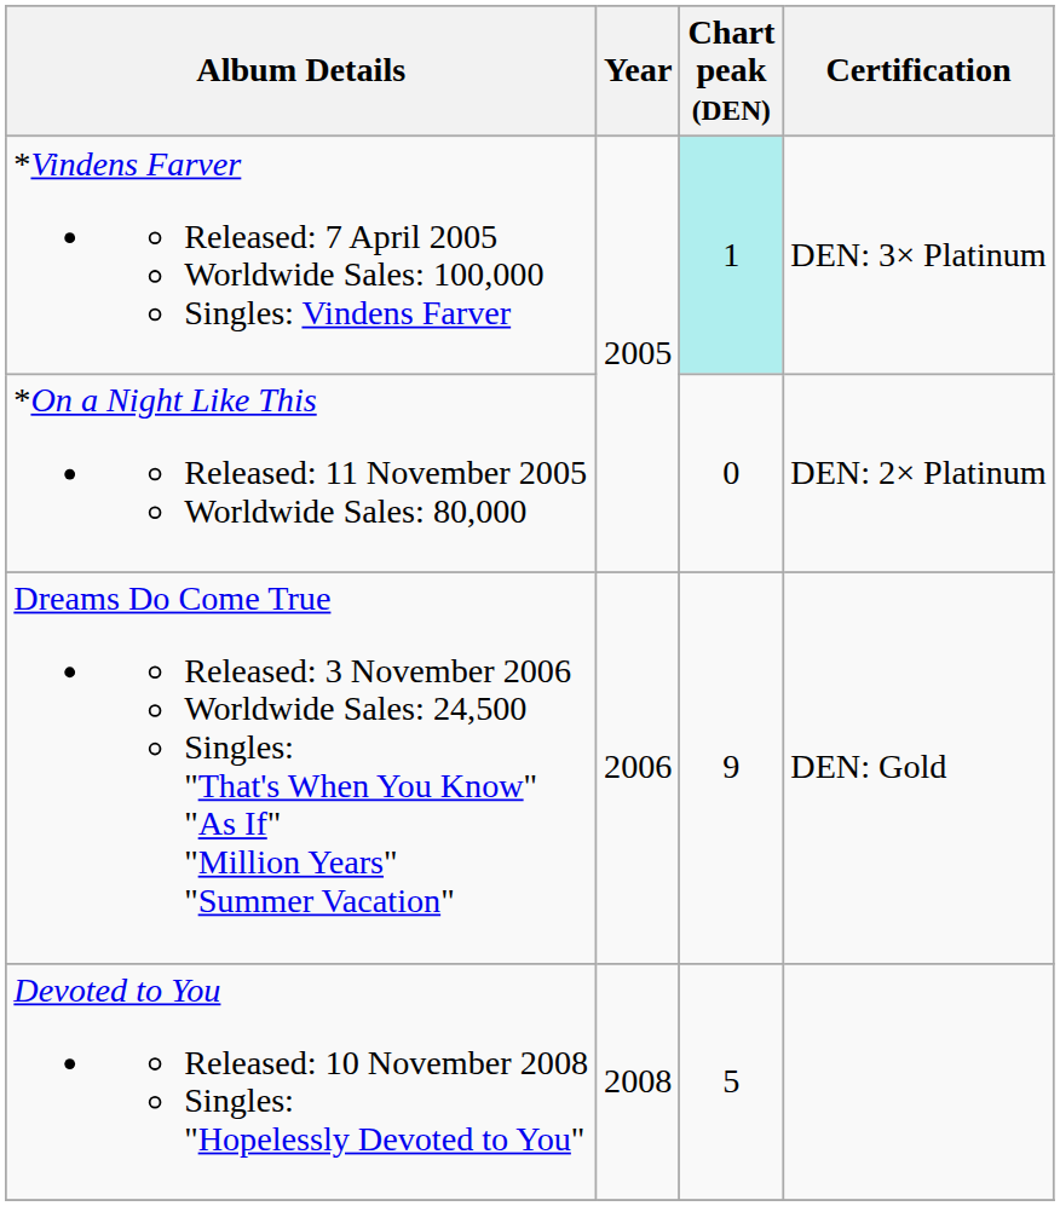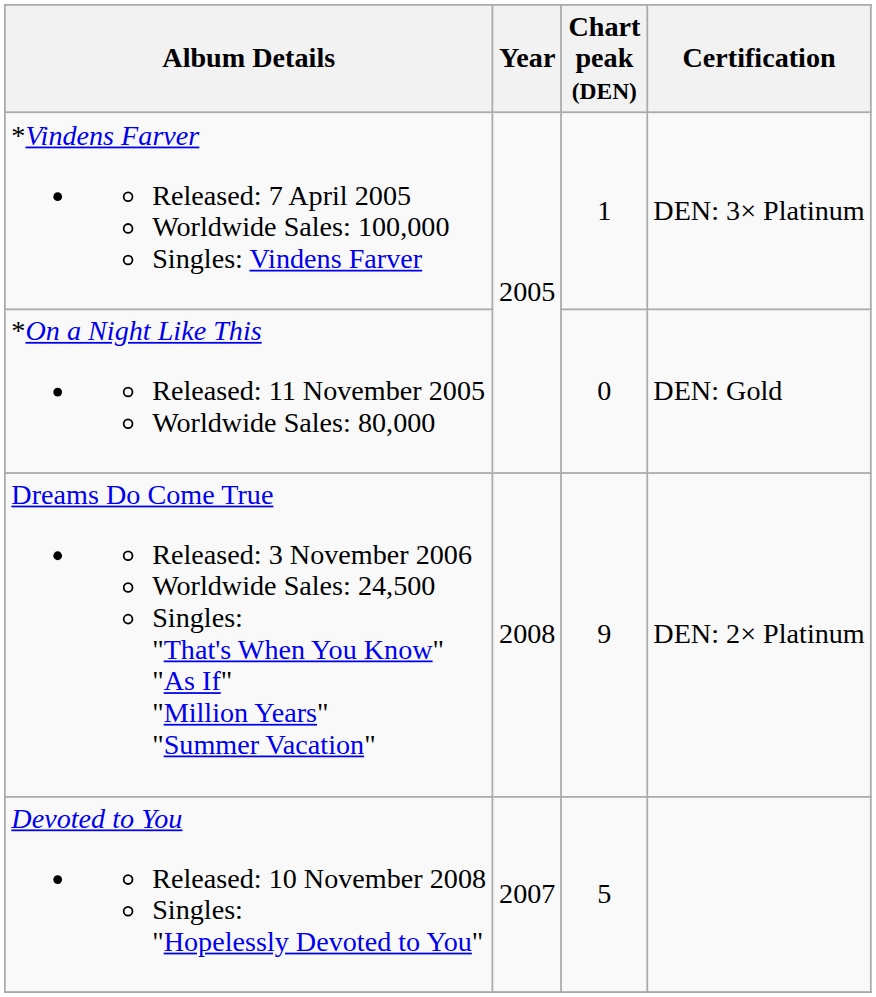 <table class="wikitable">
 <tr>
 <th>Album Details</th>
 <th>Year</th>
 <th>Chart <br>peak<br><small>(DEN)<br></small></th>
 <th>Certification</th>
 </tr>
 <tr>
 <td>*<em><a href='#'>Vindens Farver</a></em><br><ul><li><ul><li>Released: 7 April 2005</li><li>Worldwide Sales: 100,000</li><li>Singles: <a href='#'>Vindens Farver</a></li></ul></li></ul></td>
 <td rowspan=2>2005</td>
-<td style="background: paleturquoise; text-align:center;">1</td>
+<td style="text-align:center;">1</td>
 <td>DEN: 3× Platinum</td>
 </tr>
 <tr>
 <td>*<em><a href='#'>On a Night Like This</a></em><br><ul><li><ul><li>Released: 11 November 2005</li><li>Worldwide Sales: 80,000</li></ul></li></ul></td>
 <td style="text-align:center;">0</td>
+<td>DEN: Gold</td>
+</tr>
+<tr>
+<td><a href='#'>Dreams Do Come True</a><br><ul><li><ul><li>Released: 3 November 2006</li><li>Worldwide Sales: 24,500</li><li>Singles: <br>"<a href='#'>That's When You Know</a>" <br> "<a href='#'>As If</a>" <br> "<a href='#'>Million Years</a>" <br> "<a href='#'>Summer Vacation</a>"</li></ul></li></ul></td>
+<td rowspan=1>2008</td>
+<td style="text-align:center;">9</td>
 <td>DEN: 2× Platinum</td>
 </tr>
 <tr>
-<td><a href='#'>Dreams Do Come True</a><br><ul><li><ul><li>Released: 3 November 2006</li><li>Worldwide Sales: 24,500</li><li>Singles: <br>"<a href='#'>That's When You Know</a>" <br> "<a href='#'>As If</a>" <br> "<a href='#'>Million Years</a>" <br> "<a href='#'>Summer Vacation</a>"</li></ul></li></ul></td>
-<td rowspan=1>2006</td>
-<td style="text-align:center;">9</td>
-<td>DEN: Gold</td>
-</tr>
-<tr>
 <td><em><a href='#'>Devoted to You</a></em><br><ul><li><ul><li>Released: 10 November 2008</li><li>Singles: <br>"<a href='#'>Hopelessly Devoted to You</a>"</li></ul></li></ul></td>
-<td rowspan=1>2008</td>
+<td rowspan=1>2007</td>
 <td style="text-align:center;">5</td>
 <td></td>
 </tr>
 <tr>
 </tr>
 </table>
